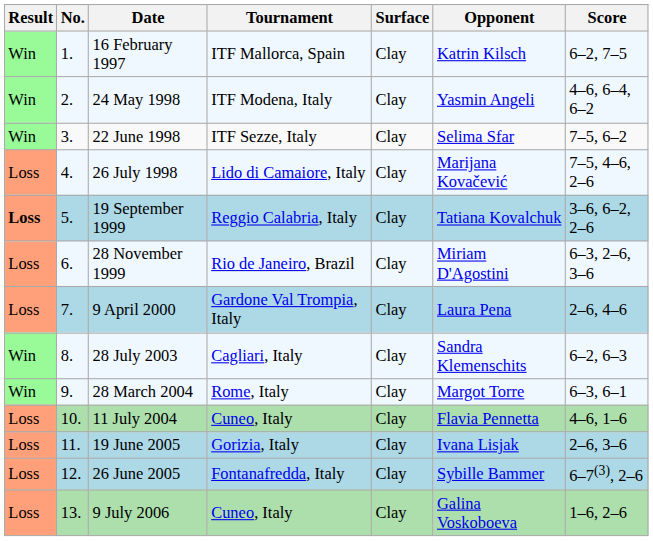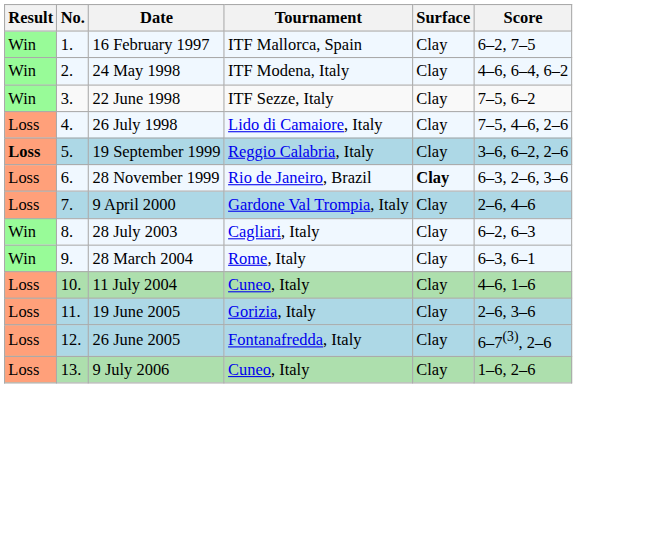 <table class="sortable wikitable" style=font-size:97%>
 <tr>
 <th>Result</th>
 <th>No.</th>
 <th>Date</th>
 <th>Tournament</th>
 <th>Surface</th>
-<th>Opponent</th>
 <th class="unsortable">Score</th>
 </tr>
 <tr style="background:#f0f8ff;">
 <td style="background:#98fb98;">Win</td>
 <td>1.</td>
 <td>16 February 1997</td>
 <td>ITF Mallorca, Spain</td>
 <td>Clay</td>
-<td> <a href='#'>Katrin Kilsch</a></td>
 <td>6–2, 7–5</td>
 </tr>
 <tr style="background:#f0f8ff;">
 <td style="background:#98fb98;">Win</td>
 <td>2.</td>
 <td>24 May 1998</td>
 <td>ITF Modena, Italy</td>
 <td>Clay</td>
-<td> <a href='#'>Yasmin Angeli</a></td>
 <td>4–6, 6–4, 6–2</td>
 </tr>
 <tr>
 <td style="background:#98fb98;">Win</td>
 <td>3.</td>
 <td>22 June 1998</td>
 <td>ITF Sezze, Italy</td>
 <td>Clay</td>
-<td> <a href='#'>Selima Sfar</a></td>
 <td>7–5, 6–2</td>
 </tr>
 <tr style="background:#f0f8ff;">
 <td style="background:#ffa07a;">Loss</td>
 <td>4.</td>
 <td>26 July 1998</td>
 <td><a href='#'>Lido di Camaiore</a>, Italy</td>
 <td>Clay</td>
-<td> <a href='#'>Marijana Kovačević</a></td>
 <td>7–5, 4–6, 2–6</td>
 </tr>
 <tr style="background:lightblue;">
 <td style="background:#ffa07a;"><strong>Loss</strong></td>
 <td>5.</td>
 <td>19 September 1999</td>
 <td><a href='#'>Reggio Calabria</a>, Italy</td>
 <td>Clay</td>
-<td> <a href='#'>Tatiana Kovalchuk</a></td>
 <td>3–6, 6–2, 2–6</td>
 </tr>
 <tr style="background:#f0f8ff;">
 <td style="background:#ffa07a;">Loss</td>
 <td>6.</td>
 <td>28 November 1999</td>
 <td><a href='#'>Rio de Janeiro</a>, Brazil</td>
-<td>Clay</td>
-<td> <a href='#'>Miriam D'Agostini</a></td>
+<td><strong>Clay</strong></td>
 <td>6–3, 2–6, 3–6</td>
 </tr>
 <tr style="background:lightblue;">
 <td style="background:#ffa07a;">Loss</td>
 <td>7.</td>
 <td>9 April 2000</td>
 <td><a href='#'>Gardone Val Trompia</a>, Italy</td>
 <td>Clay</td>
-<td> <a href='#'>Laura Pena</a></td>
 <td>2–6, 4–6</td>
 </tr>
 <tr style="background:#f0f8ff;">
 <td style="background:#98fb98;">Win</td>
 <td>8.</td>
 <td>28 July 2003</td>
 <td><a href='#'>Cagliari</a>, Italy</td>
 <td>Clay</td>
-<td> <a href='#'>Sandra Klemenschits</a></td>
 <td>6–2, 6–3</td>
 </tr>
 <tr style="background:#f0f8ff;">
 <td style="background:#98fb98;">Win</td>
 <td>9.</td>
 <td>28 March 2004</td>
 <td><a href='#'>Rome</a>, Italy</td>
 <td>Clay</td>
-<td> <a href='#'>Margot Torre</a></td>
 <td>6–3, 6–1</td>
 </tr>
 <tr style="background:#addfad;">
 <td style="background:#ffa07a;">Loss</td>
 <td>10.</td>
 <td>11 July 2004</td>
 <td><a href='#'>Cuneo</a>, Italy</td>
 <td>Clay</td>
-<td> <a href='#'>Flavia Pennetta</a></td>
 <td>4–6, 1–6</td>
 </tr>
 <tr style="background:lightblue;">
 <td style="background:#ffa07a;">Loss</td>
 <td>11.</td>
 <td>19 June 2005</td>
 <td><a href='#'>Gorizia</a>, Italy</td>
 <td>Clay</td>
-<td> <a href='#'>Ivana Lisjak</a></td>
 <td>2–6, 3–6</td>
 </tr>
 <tr style="background:lightblue;">
 <td style="background:#ffa07a;">Loss</td>
 <td>12.</td>
 <td>26 June 2005</td>
 <td><a href='#'>Fontanafredda</a>, Italy</td>
 <td>Clay</td>
-<td> <a href='#'>Sybille Bammer</a></td>
 <td>6–7<sup>(3)</sup>, 2–6</td>
 </tr>
 <tr style="background:#addfad">
 <td style="background:#ffa07a;">Loss</td>
 <td>13.</td>
 <td>9 July 2006</td>
 <td><a href='#'>Cuneo</a>, Italy</td>
 <td>Clay</td>
-<td> <a href='#'>Galina Voskoboeva</a></td>
 <td>1–6, 2–6</td>
 </tr>
 </table>
